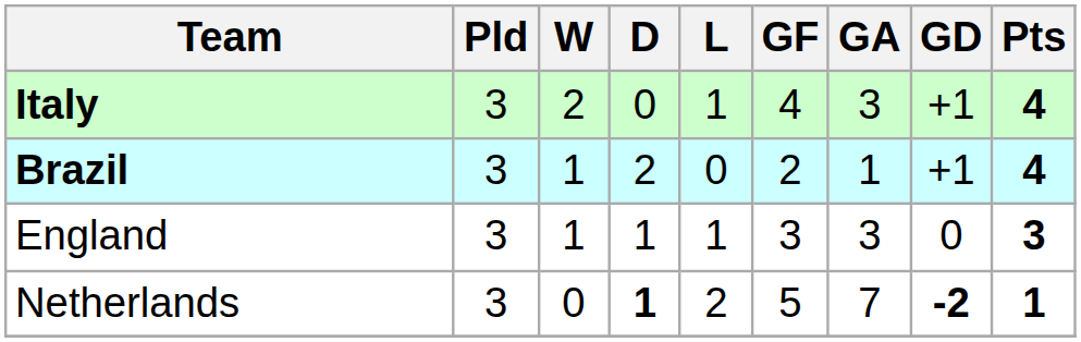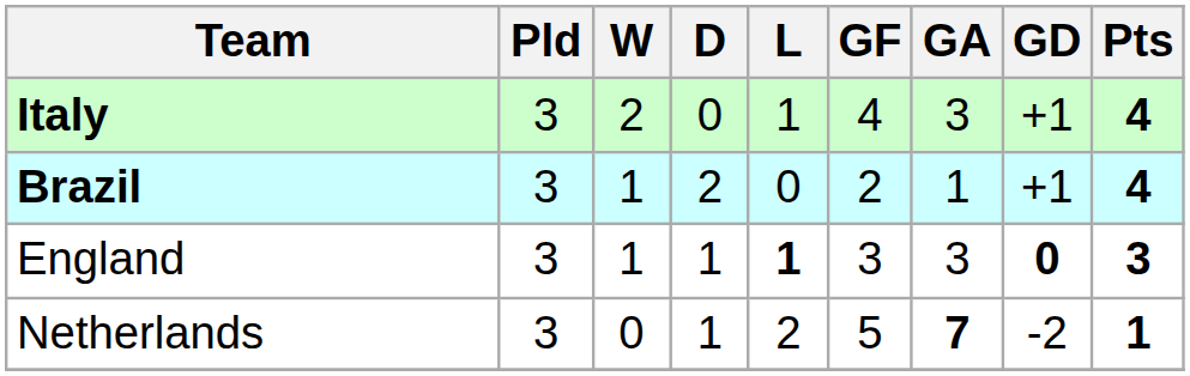 <table class="wikitable" style="text-align: center;">
 <tr>
 <th width=165>Team</th>
 <th width=20>Pld</th>
 <th width=20>W</th>
 <th width=20>D</th>
 <th width=20>L</th>
 <th width=20>GF</th>
 <th width=20>GA</th>
 <th width=20>GD</th>
 <th width=20>Pts</th>
 </tr>
 <tr bgcolor=#ccffcc>
 <td align=left> <strong>Italy</strong></td>
 <td>3</td>
 <td>2</td>
 <td>0</td>
 <td>1</td>
 <td>4</td>
 <td>3</td>
 <td>+1</td>
 <td><strong>4</strong></td>
 </tr>
 <tr bgcolor=#ccffff>
 <td align=left> <strong>Brazil</strong></td>
 <td>3</td>
 <td>1</td>
 <td>2</td>
 <td>0</td>
 <td>2</td>
 <td>1</td>
 <td>+1</td>
 <td><strong>4</strong></td>
 </tr>
 <tr bgcolor=#ffffff>
 <td align=left> England</td>
 <td>3</td>
 <td>1</td>
 <td>1</td>
-<td>1</td>
+<td><strong>1</strong></td>
 <td>3</td>
 <td>3</td>
-<td>0</td>
+<td><strong>0</strong></td>
 <td><strong>3</strong></td>
 </tr>
 <tr bgcolor=#ffffff>
 <td align=left> Netherlands</td>
 <td>3</td>
 <td>0</td>
-<td><strong>1</strong></td>
+<td>1</td>
 <td>2</td>
 <td>5</td>
-<td>7</td>
-<td><strong>-2</strong></td>
+<td><strong>7</strong></td>
+<td>-2</td>
 <td><strong>1</strong></td>
 </tr>
 <tr>
 </tr>
 </table>
